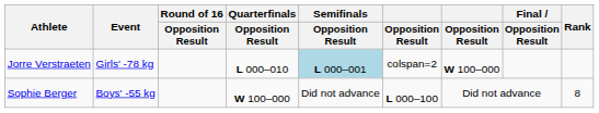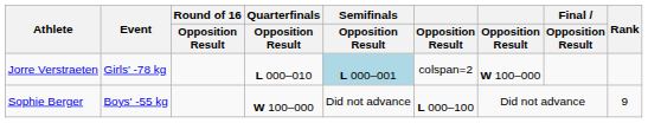 <table class="wikitable" style="font-size:90%">
 <tr>
 <th rowspan="2">Athlete</th>
 <th rowspan="2">Event</th>
 <th>Round of 16</th>
 <th>Quarterfinals</th>
 <th>Semifinals</th>
 <th></th>
 <th></th>
 <th>Final / </th>
 <th rowspan=2>Rank</th>
 </tr>
 <tr style="font-size:95%">
 <th>Opposition<br>Result</th>
 <th>Opposition<br>Result</th>
 <th>Opposition<br>Result</th>
 <th>Opposition<br>Result</th>
 <th>Opposition<br>Result</th>
 <th>Opposition<br>Result</th>
 </tr>
 <tr align=center>
 <td align=left><a href='#'>Jorre Verstraeten</a></td>
 <td align=left><a href='#'>Girls' -78 kg</a></td>
 <td></td>
 <td><br><strong>L</strong> 000–010</td>
 <td style="background: lightblue;"><br><strong>L</strong> 000–001</td>
 <td>colspan=2 </td>
 <td><br><strong>W</strong> 100–000</td>
 <td></td>
 </tr>
 <tr align=center>
 <td align=left><a href='#'>Sophie Berger</a></td>
 <td align=left><a href='#'>Boys' -55 kg</a></td>
 <td></td>
 <td><br><strong>W</strong> 100–000</td>
 <td>Did not advance</td>
 <td><br><strong>L</strong> 000–100</td>
 <td colspan=2>Did not advance</td>
-<td>8</td>
+<td>9</td>
 </tr>
 </table>
